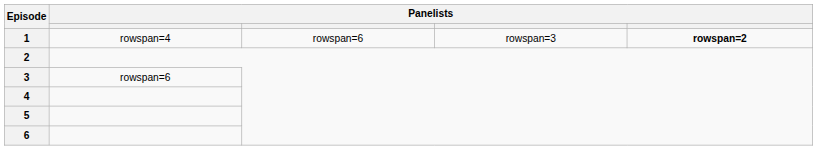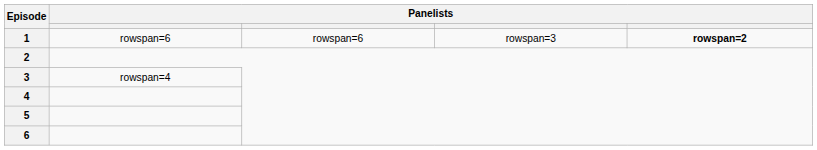 <table class="wikitable plainrowheaders mw-collapsible" style="text-align:center; line-height:23px; width:100%;">
 <tr>
 <th rowspan=2 width=1%>Episode</th>
 <th colspan=4>Panelists</th>
 </tr>
 <tr>
 <th width="25%"></th>
 <th width="25%"></th>
 <th width="25%"></th>
 <th width="25%"></th>
 </tr>
 <tr>
 <th>1</th>
-<td>rowspan=4 </td>
+<td>rowspan=6 </td>
 <td>rowspan=6 </td>
 <td>rowspan=3 </td>
 <td><strong>rowspan=2 </strong></td>
 </tr>
 <tr>
 <th>2</th>
 </tr>
 <tr>
 <th>3</th>
-<td>rowspan=6 </td>
+<td>rowspan=4 </td>
 </tr>
 <tr>
 <th>4</th>
 <td></td>
 </tr>
 <tr>
 <th>5</th>
 <td></td>
 </tr>
 <tr>
 <th>6</th>
 <td></td>
 </tr>
 </table>
